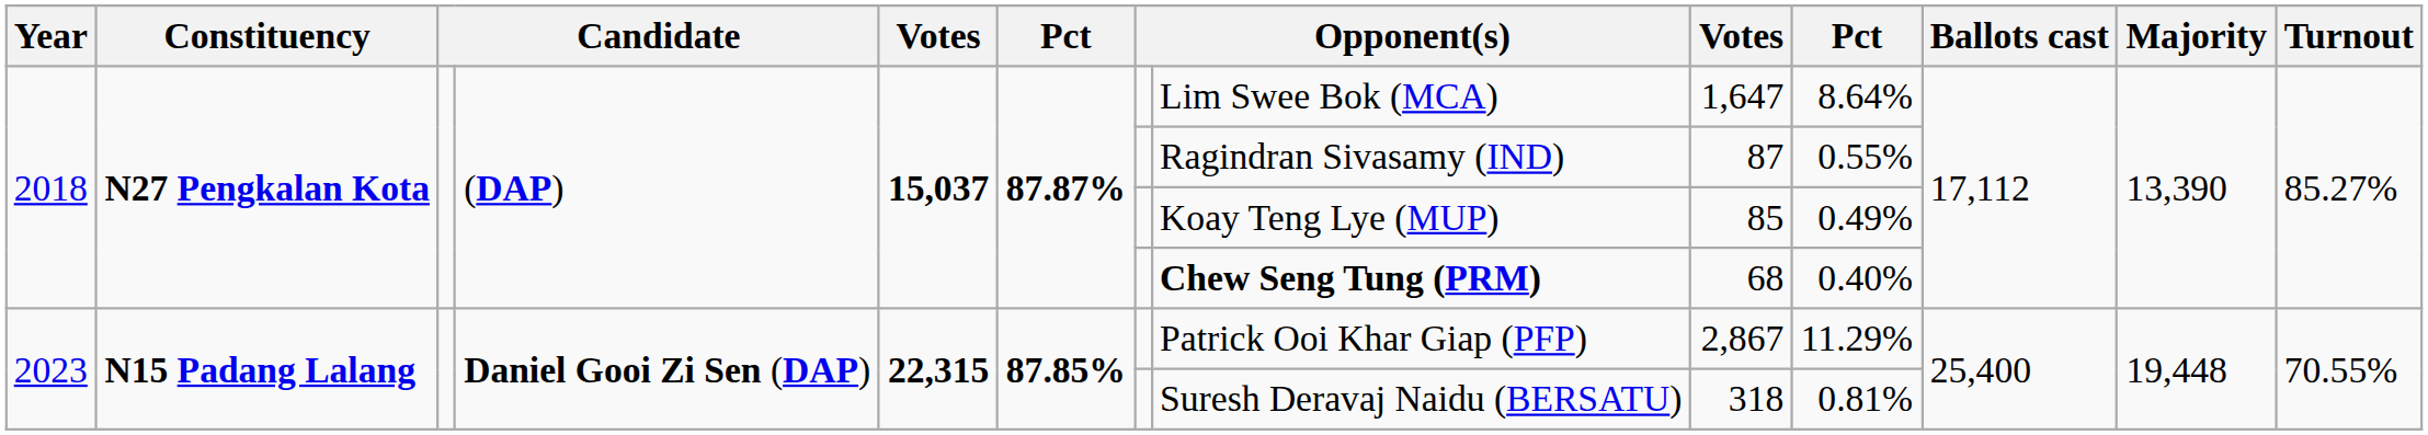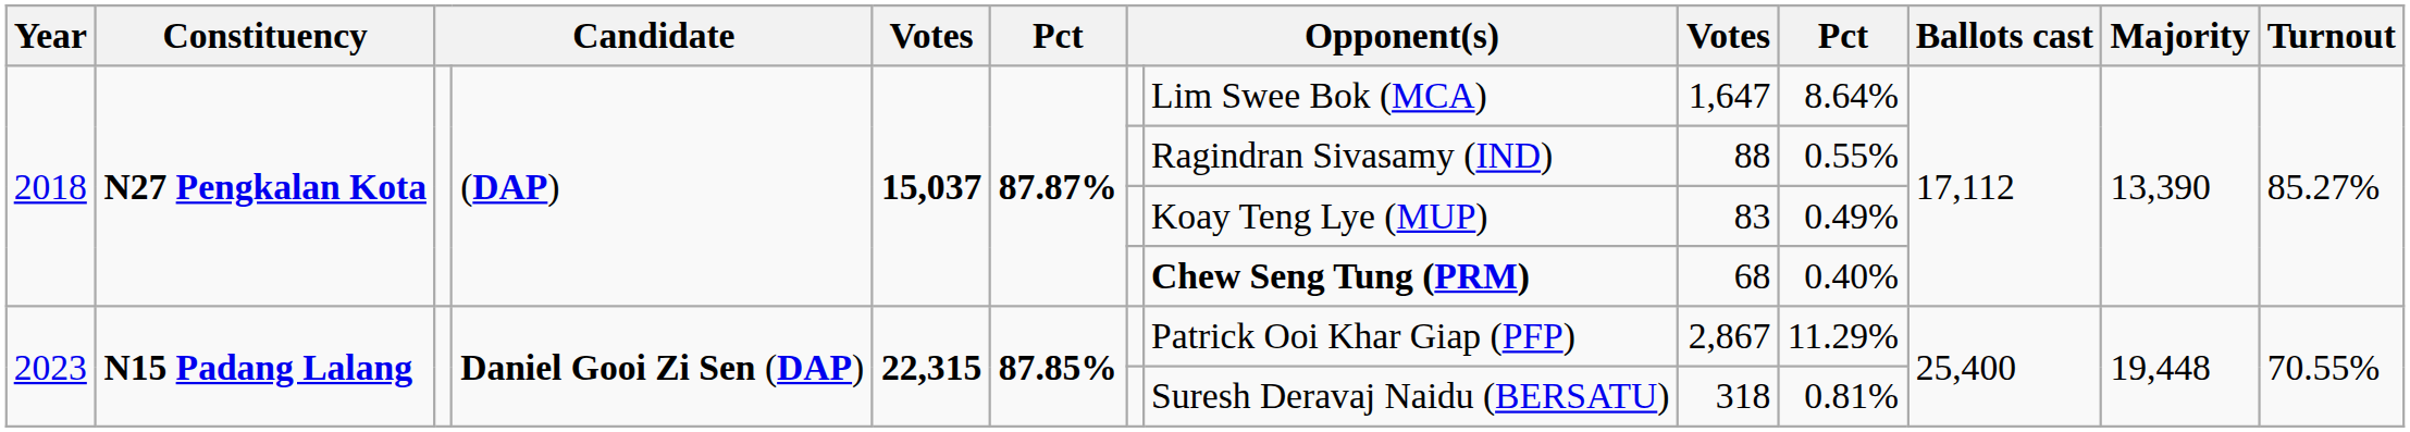 <table class="wikitable" style="margin:0.5em ; font-size:95%">
 <tr>
 <th>Year</th>
 <th>Constituency</th>
 <th colspan=2>Candidate</th>
 <th>Votes</th>
 <th>Pct</th>
 <th colspan=2>Opponent(s)</th>
 <th>Votes</th>
 <th>Pct</th>
 <th>Ballots cast</th>
 <th>Majority</th>
 <th>Turnout</th>
 </tr>
 <tr>
 <td rowspan="4"><a href='#'>2018</a></td>
 <td rowspan="4"><strong>N27 <a href='#'>Pengkalan Kota</a></strong></td>
 <td rowspan="4" ></td>
 <td rowspan="4"> (<a href='#'><strong>DAP</strong></a>)</td>
 <td rowspan=4 style="text-align:right;"><strong>15,037</strong></td>
 <td rowspan="4"><strong>87.87%</strong></td>
 <td></td>
 <td>Lim Swee Bok (<a href='#'>MCA</a>)</td>
 <td style="text-align:right;">1,647</td>
 <td style="text-align:right;">8.64%</td>
 <td rowspan="4">17,112</td>
 <td rowspan="4">13,390</td>
 <td rowspan="4">85.27%</td>
 </tr>
 <tr>
 <td></td>
 <td>Ragindran Sivasamy (<a href='#'>IND</a>)</td>
-<td style="text-align:right;">87</td>
+<td style="text-align:right;">88</td>
 <td style="text-align:right;">0.55%</td>
 </tr>
 <tr>
 <td bgcolor=></td>
 <td>Koay Teng Lye (<a href='#'>MUP</a>)</td>
-<td style="text-align:right;">85</td>
+<td style="text-align:right;">83</td>
 <td style="text-align:right;">0.49%</td>
 </tr>
 <tr>
 <td bgcolor=></td>
 <td><strong>Chew Seng Tung (<a href='#'>PRM</a>)</strong></td>
 <td style="text-align:right;">68</td>
 <td style="text-align:right;">0.40%</td>
 </tr>
 <tr>
 <td rowspan="2"><a href='#'>2023</a></td>
 <td rowspan="2"><strong>N15 <a href='#'>Padang Lalang</a></strong></td>
 <td rowspan="2" ></td>
 <td rowspan="2"><strong>Daniel Gooi Zi Sen</strong> (<a href='#'><strong>DAP</strong></a>)</td>
 <td rowspan="2" style="text-align:right;"><strong>22,315</strong></td>
 <td rowspan="2"><strong>87.85%</strong></td>
 <td></td>
 <td>Patrick Ooi Khar Giap (<a href='#'>PFP</a>)</td>
 <td style="text-align:right;">2,867</td>
 <td>11.29%</td>
 <td rowspan="2">25,400</td>
 <td rowspan="2">19,448</td>
 <td rowspan="2">70.55%</td>
 </tr>
 <tr>
 <td></td>
 <td>Suresh Deravaj Naidu (<a href='#'>BERSATU</a>)</td>
 <td style="text-align:right;">318</td>
 <td style="text-align:right;">0.81%</td>
 </tr>
 </table>
